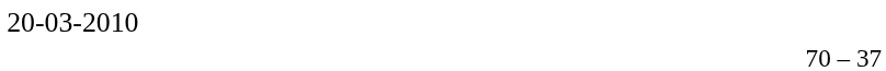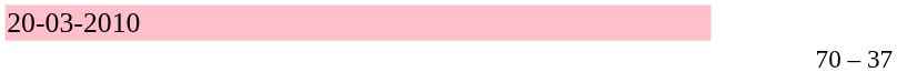 <table width=100% cellspacing=1>
 <tr>
 <th width=25%></th>
 <th width=10%></th>
 <th></th>
 </tr>
 <tr>
-<td>20-03-2010</td>
+<td style="background: pink;">20-03-2010</td>
 </tr>
 <tr style=font-size:90%>
 <td align=right></td>
 <td align=center>70 – 37</td>
 <td></td>
 </tr>
 </table>
